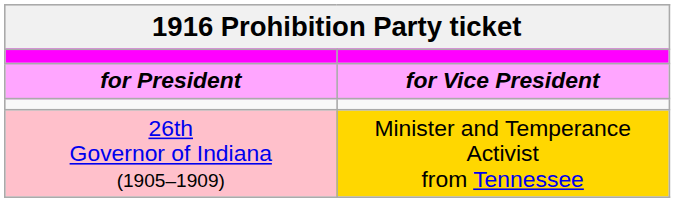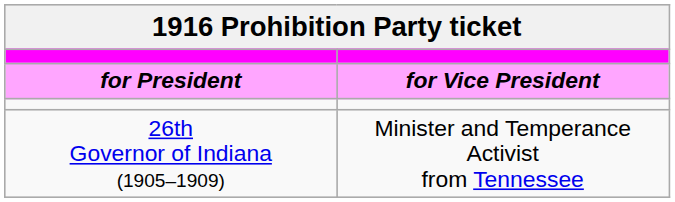 <table class="wikitable" style="font-size:90%; text-align:center;">
 <tr>
 <td colspan="29" style="background:#f1f1f1;"><big><strong>1916 Prohibition Party ticket</strong></big></td>
 </tr>
 <tr>
 <th style="width:3em; font-size:135%; background:#FF00FF; width:200px;"><a href='#'></a></th>
 <th style="width:3em; font-size:135%; background:#FF00FF; width:200px;"><a href='#'></a></th>
 </tr>
 <tr>
 <td style="width:3em; font-size:100%; color:#000; background:#ffa6ff; width:200px;"><strong><em>for President</em></strong></td>
 <td style="width:3em; font-size:100%; color:#000; background:#ffa6ff; width:200px;"><strong><em>for Vice President</em></strong></td>
 </tr>
 <tr>
 <td></td>
 <td></td>
 </tr>
 <tr>
-<td style="background: pink;"><a href='#'>26th</a><br><a href='#'>Governor of Indiana</a><br><small>(1905–1909)</small></td>
-<td style="background: gold;">Minister and Temperance Activist<br>from <a href='#'>Tennessee</a></td>
+<td><a href='#'>26th</a><br><a href='#'>Governor of Indiana</a><br><small>(1905–1909)</small></td>
+<td>Minister and Temperance Activist<br>from <a href='#'>Tennessee</a></td>
 </tr>
 </table>
